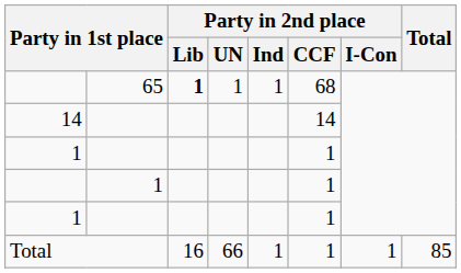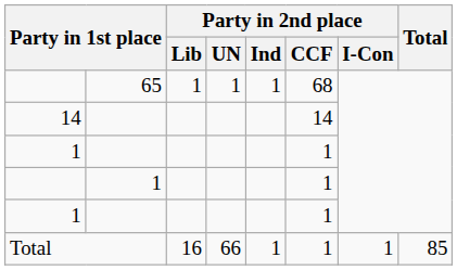 <table class="wikitable" style="text-align:right;">
 <tr>
 <th rowspan="2" colspan="2" style="text-align:left;">Party in 1st place</th>
 <th colspan="5">Party in 2nd place</th>
 <th rowspan="2">Total</th>
 </tr>
 <tr>
 <th>Lib</th>
 <th>UN</th>
 <th>Ind</th>
 <th>CCF</th>
 <th>I-Con</th>
 </tr>
 <tr>
 <td></td>
 <td>65</td>
-<td><strong>1</strong></td>
+<td>1</td>
 <td>1</td>
 <td>1</td>
 <td>68</td>
 </tr>
 <tr>
 <td>14</td>
 <td></td>
 <td></td>
 <td></td>
 <td></td>
 <td>14</td>
 </tr>
 <tr>
 <td>1</td>
 <td></td>
 <td></td>
 <td></td>
 <td></td>
 <td>1</td>
 </tr>
 <tr>
 <td></td>
 <td>1</td>
 <td></td>
 <td></td>
 <td></td>
 <td>1</td>
 </tr>
 <tr>
 <td>1</td>
 <td></td>
 <td></td>
 <td></td>
 <td></td>
 <td>1</td>
 </tr>
 <tr>
 <td colspan="2" style="text-align:left;">Total</td>
 <td>16</td>
 <td>66</td>
 <td>1</td>
 <td>1</td>
 <td>1</td>
 <td>85</td>
 </tr>
 </table>
